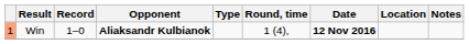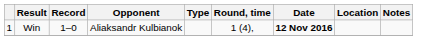 <table class="wikitable" style="text-align:center; font-size:95%">
 <tr>
 <th></th>
 <th>Result</th>
 <th>Record</th>
 <th>Opponent</th>
 <th>Type</th>
 <th>Round, time</th>
 <th>Date</th>
 <th>Location</th>
 <th>Notes</th>
 </tr>
 <tr>
-<td style="background: lightsalmon;">1</td>
+<td>1</td>
 <td>Win</td>
 <td>1–0</td>
-<td style="text-align:left;"><strong> Aliaksandr Kulbianok</strong></td>
+<td style="text-align:left;"> Aliaksandr Kulbianok</td>
 <td></td>
 <td>1 (4), </td>
 <td><strong>12 Nov 2016</strong></td>
 <td style="text-align:left;"> </td>
 <td style="text-align:left;"></td>
 </tr>
 <tr>
 </tr>
 </table>
